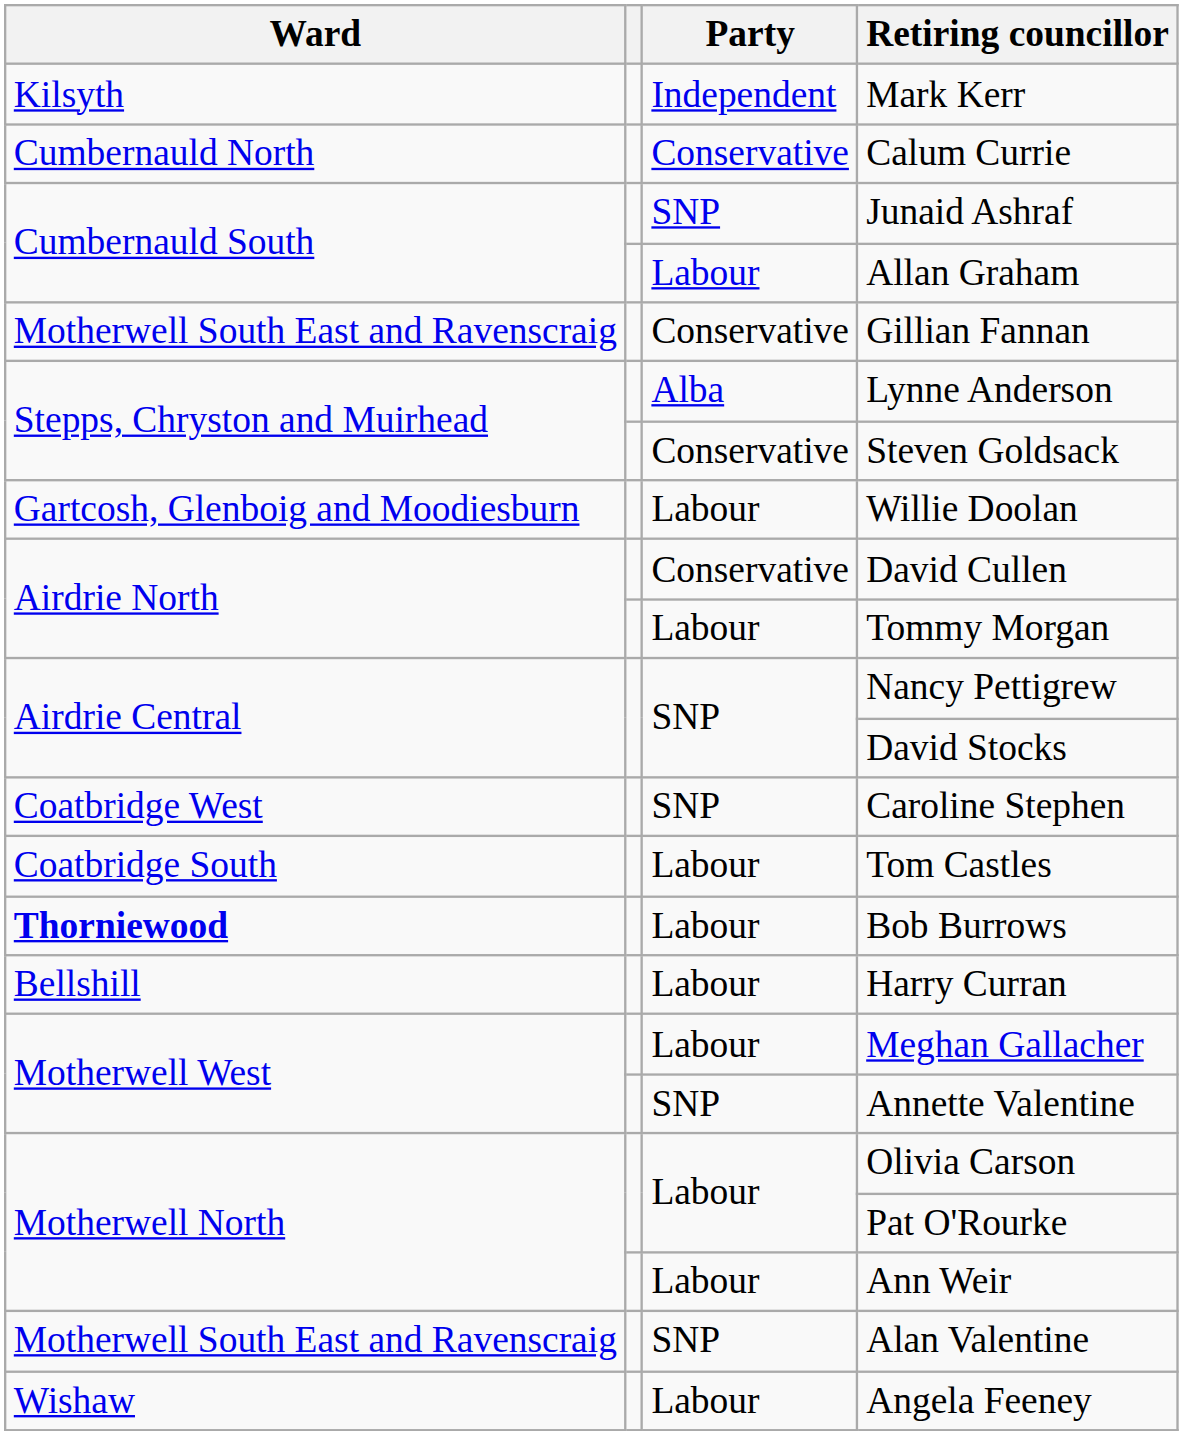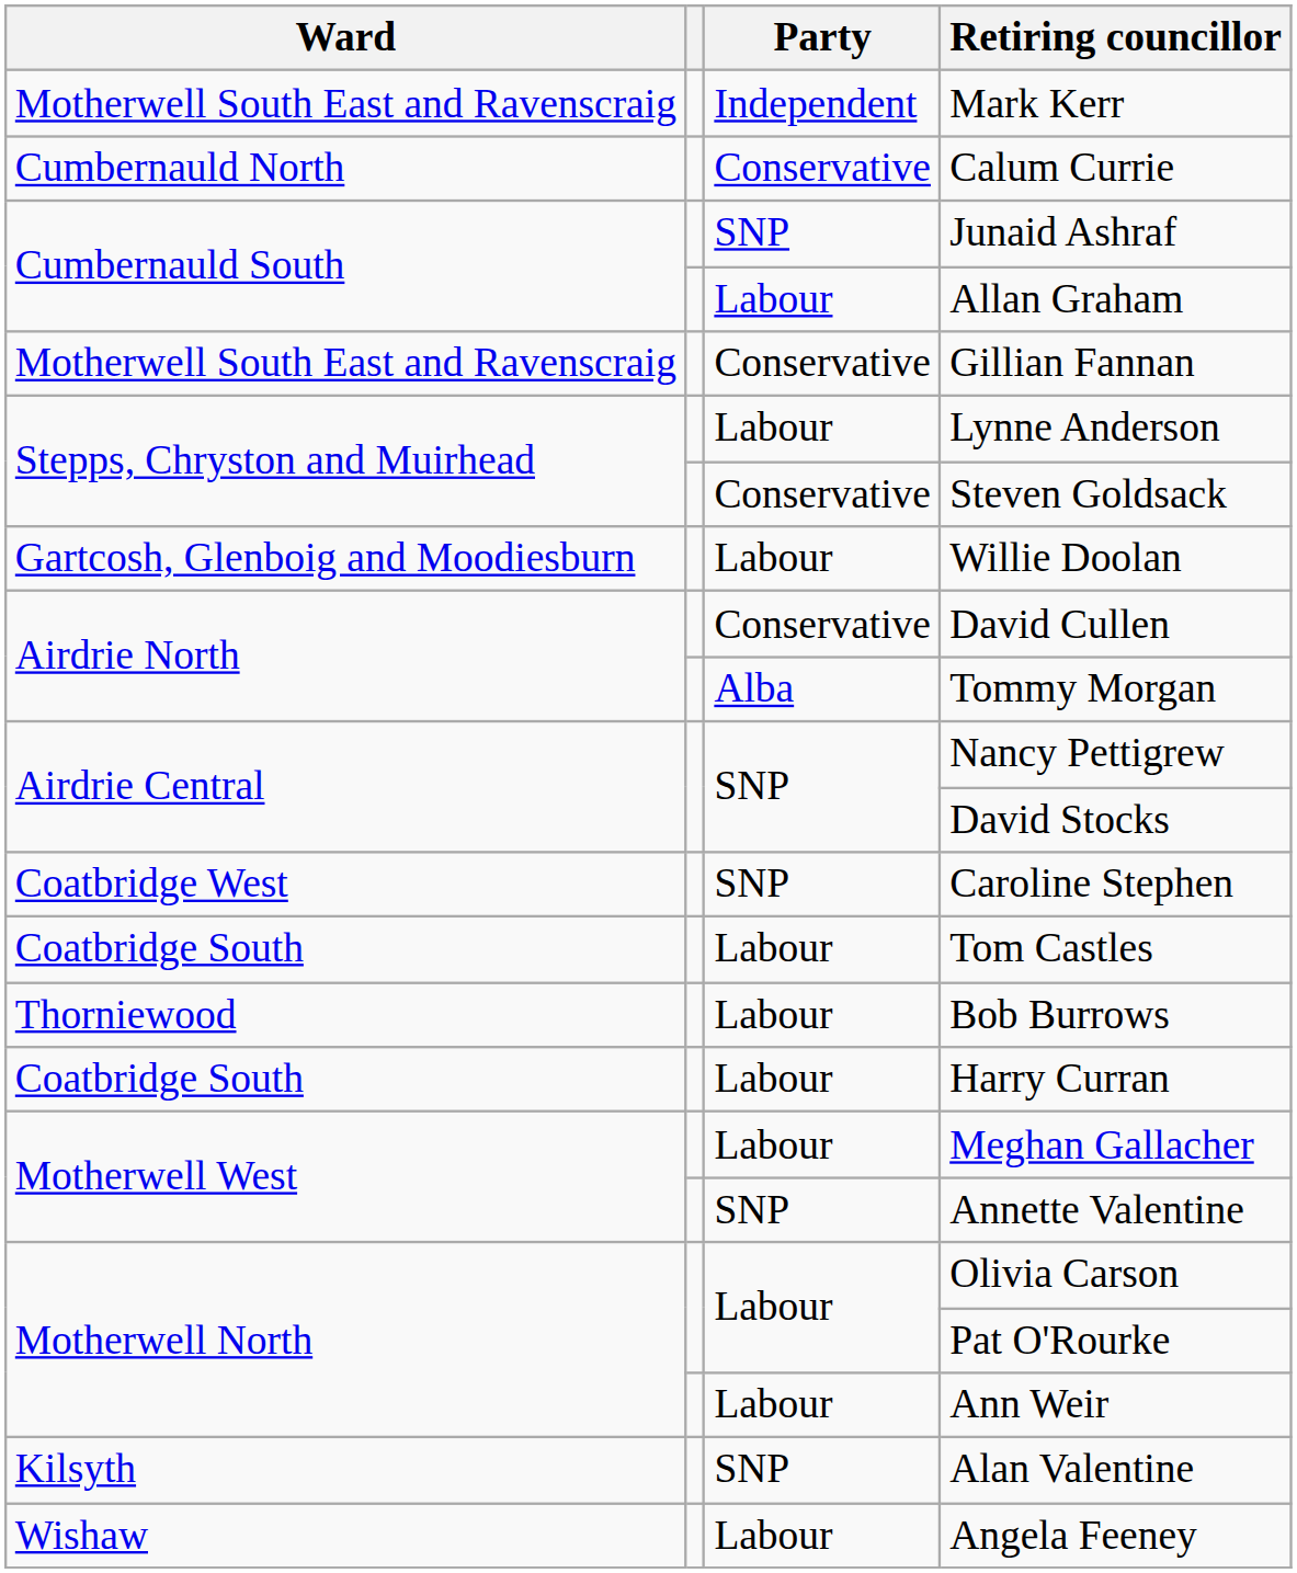 <table class="wikitable sortable">
 <tr>
 <th scope="col">Ward</th>
 <th class="unsortable"></th>
 <th scope="col">Party</th>
 <th scope="col">Retiring councillor</th>
 </tr>
 <tr>
-<td scope="row"><a href='#'>Kilsyth</a></td>
+<td scope="row"><a href='#'>Motherwell South East and Ravenscraig</a></td>
 <td style="background-color: "></td>
 <td><a href='#'>Independent</a></td>
 <td>Mark Kerr</td>
 </tr>
 <tr>
 <td scope="row"><a href='#'>Cumbernauld North</a></td>
 <td style="background-color: "></td>
 <td><a href='#'>Conservative</a></td>
 <td>Calum Currie</td>
 </tr>
 <tr>
 <td scope="row" rowspan="2"><a href='#'>Cumbernauld South</a></td>
 <td style="background-color: "></td>
 <td><a href='#'>SNP</a></td>
 <td>Junaid Ashraf</td>
 </tr>
 <tr>
 <td style="background-color: "></td>
 <td><a href='#'>Labour</a></td>
 <td>Allan Graham</td>
 </tr>
 <tr>
 <td scope="row"><a href='#'>Motherwell South East and Ravenscraig</a></td>
 <td style="background-color: "></td>
 <td>Conservative</td>
 <td>Gillian Fannan</td>
 </tr>
 <tr>
 <td scope="row" rowspan="2"><a href='#'>Stepps, Chryston and Muirhead</a></td>
 <td style="background-color: "></td>
-<td><a href='#'>Alba</a></td>
+<td>Labour</td>
 <td>Lynne Anderson</td>
 </tr>
 <tr>
 <td style="background-color: "></td>
 <td>Conservative</td>
 <td>Steven Goldsack</td>
 </tr>
 <tr>
 <td scope="row"><a href='#'>Gartcosh, Glenboig and Moodiesburn</a></td>
 <td style="background-color: "></td>
 <td>Labour</td>
 <td>Willie Doolan</td>
 </tr>
 <tr>
 <td scope="row" rowspan="2"><a href='#'>Airdrie North</a></td>
 <td style="background-color: "></td>
 <td>Conservative</td>
 <td>David Cullen</td>
 </tr>
 <tr>
 <td style="background-color: "></td>
-<td>Labour</td>
+<td><a href='#'>Alba</a></td>
 <td>Tommy Morgan</td>
 </tr>
 <tr>
 <td scope="row" rowspan="2"><a href='#'>Airdrie Central</a></td>
 <td rowspan="2" style="background-color: "></td>
 <td rowspan="2">SNP</td>
 <td>Nancy Pettigrew</td>
 </tr>
 <tr>
 <td>David Stocks</td>
 </tr>
 <tr>
 <td scope="row"><a href='#'>Coatbridge West</a></td>
 <td style="background-color: "></td>
 <td>SNP</td>
 <td>Caroline Stephen</td>
 </tr>
 <tr>
 <td scope="row"><a href='#'>Coatbridge South</a></td>
 <td style="background-color: "></td>
 <td>Labour</td>
 <td>Tom Castles</td>
 </tr>
 <tr>
-<td scope="row"><strong><a href='#'>Thorniewood</a></strong></td>
+<td scope="row"><a href='#'>Thorniewood</a></td>
 <td style="background-color: "></td>
 <td>Labour</td>
 <td>Bob Burrows</td>
 </tr>
 <tr>
-<td scope="row"><a href='#'>Bellshill</a></td>
+<td scope="row"><a href='#'>Coatbridge South</a></td>
 <td style="background-color: "></td>
 <td>Labour</td>
 <td>Harry Curran</td>
 </tr>
 <tr>
 <td scope="row" rowspan="2"><a href='#'>Motherwell West</a></td>
 <td style="background-color: "></td>
 <td>Labour</td>
 <td><a href='#'>Meghan Gallacher</a></td>
 </tr>
 <tr>
 <td style="background-color: "></td>
 <td>SNP</td>
 <td>Annette Valentine</td>
 </tr>
 <tr>
 <td scope="row" rowspan="3"><a href='#'>Motherwell North</a></td>
 <td rowspan="2" style="background-color: "></td>
 <td rowspan="2">Labour</td>
 <td>Olivia Carson</td>
 </tr>
 <tr>
 <td>Pat O'Rourke</td>
 </tr>
 <tr>
 <td style="background-color: "></td>
 <td>Labour</td>
 <td>Ann Weir</td>
 </tr>
 <tr>
-<td scope="row"><a href='#'>Motherwell South East and Ravenscraig</a></td>
+<td scope="row"><a href='#'>Kilsyth</a></td>
 <td style="background-color: "></td>
 <td>SNP</td>
 <td>Alan Valentine</td>
 </tr>
 <tr>
 <td scope="row"><a href='#'>Wishaw</a></td>
 <td style="background-color: "></td>
 <td>Labour</td>
 <td>Angela Feeney</td>
 </tr>
 </table>
